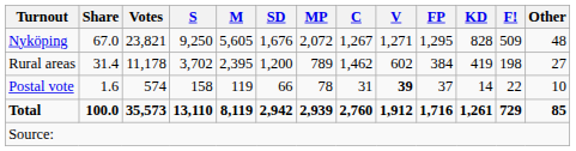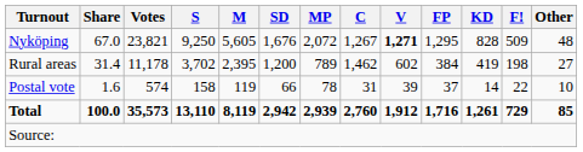 <table class="wikitable sortable" style=text-align:right>
 <tr>
 <th>Turnout</th>
 <th>Share</th>
 <th>Votes</th>
 <th><a href='#'>S</a></th>
 <th><a href='#'>M</a></th>
 <th><a href='#'>SD</a></th>
 <th><a href='#'>MP</a></th>
 <th><a href='#'>C</a></th>
 <th><a href='#'>V</a></th>
 <th><a href='#'>FP</a></th>
 <th><a href='#'>KD</a></th>
 <th><a href='#'>F!</a></th>
 <th>Other</th>
 </tr>
 <tr>
 <td align=left><a href='#'>Nyköping</a></td>
 <td>67.0</td>
 <td>23,821</td>
 <td>9,250</td>
 <td>5,605</td>
 <td>1,676</td>
 <td>2,072</td>
 <td>1,267</td>
-<td>1,271</td>
+<td><strong>1,271</strong></td>
 <td>1,295</td>
 <td>828</td>
 <td>509</td>
 <td>48</td>
 </tr>
 <tr>
 <td align=left>Rural areas</td>
 <td>31.4</td>
 <td>11,178</td>
 <td>3,702</td>
 <td>2,395</td>
 <td>1,200</td>
 <td>789</td>
 <td>1,462</td>
 <td>602</td>
 <td>384</td>
 <td>419</td>
 <td>198</td>
 <td>27</td>
 </tr>
 <tr>
 <td align=left><a href='#'>Postal vote</a></td>
 <td>1.6</td>
 <td>574</td>
 <td>158</td>
 <td>119</td>
 <td>66</td>
 <td>78</td>
 <td>31</td>
-<td><strong>39</strong></td>
+<td>39</td>
 <td>37</td>
 <td>14</td>
 <td>22</td>
 <td>10</td>
 </tr>
 <tr>
 <td align=left><strong>Total</strong></td>
 <td><strong>100.0</strong></td>
 <td><strong>35,573</strong></td>
 <td><strong>13,110</strong></td>
 <td><strong>8,119</strong></td>
 <td><strong>2,942</strong></td>
 <td><strong>2,939</strong></td>
 <td><strong>2,760</strong></td>
 <td><strong>1,912</strong></td>
 <td><strong>1,716</strong></td>
 <td><strong>1,261</strong></td>
 <td><strong>729</strong></td>
 <td><strong>85</strong></td>
 </tr>
 <tr>
 <td align=left colspan=13>Source:</td>
 </tr>
 </table>
